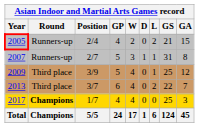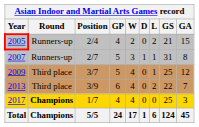 <table class="wikitable" style="text-align: center;font-size:90%;">
 <tr>
 <th colspan=9><a href='#'>Asian Indoor and Martial Arts Games</a> record</th>
 </tr>
 <tr>
 <th>Year</th>
 <th>Round</th>
 <th>Position</th>
 <th>GP</th>
 <th>W</th>
 <th>D</th>
 <th>L</th>
 <th>GS</th>
 <th>GA</th>
 </tr>
 <tr bgcolor=silver>
 <td style="border: 3px solid red"> <a href='#'>2005</a></td>
 <td>Runners-up</td>
 <td>2/4</td>
 <td>4</td>
 <td>2</td>
 <td>0</td>
 <td>2</td>
 <td>21</td>
 <td>15</td>
 </tr>
 <tr bgcolor=silver>
 <td> <a href='#'>2007</a></td>
 <td>Runners-up</td>
 <td>2/7</td>
 <td>5</td>
 <td>3</td>
 <td>1</td>
 <td>1</td>
 <td>31</td>
 <td>8</td>
 </tr>
 <tr bgcolor="#cc9966">
 <td> <a href='#'>2009</a></td>
 <td>Third place</td>
-<td>3/9</td>
+<td>3/7</td>
 <td>5</td>
 <td>4</td>
 <td>0</td>
 <td>1</td>
 <td>25</td>
 <td>12</td>
 </tr>
 <tr bgcolor="#cc9966">
 <td> <a href='#'>2013</a></td>
 <td>Third place</td>
-<td>3/7</td>
+<td>3/9</td>
 <td>6</td>
 <td>4</td>
 <td>0</td>
 <td>2</td>
 <td>22</td>
 <td>7</td>
 </tr>
 <tr bgcolor=gold>
 <td> <a href='#'>2017</a></td>
 <td><strong>Champions</strong></td>
 <td>1/7</td>
 <td>4</td>
 <td>4</td>
 <td>0</td>
 <td>0</td>
 <td>25</td>
 <td>3</td>
 </tr>
 <tr>
 <th><strong>Total</strong></th>
 <th><strong>Champions</strong></th>
 <th><strong>5/5</strong></th>
 <th><strong>24</strong></th>
 <th><strong>17</strong></th>
 <th><strong>1</strong></th>
 <th><strong>6</strong></th>
 <th><strong>124</strong></th>
 <th><strong>45</strong></th>
 </tr>
 </table>
